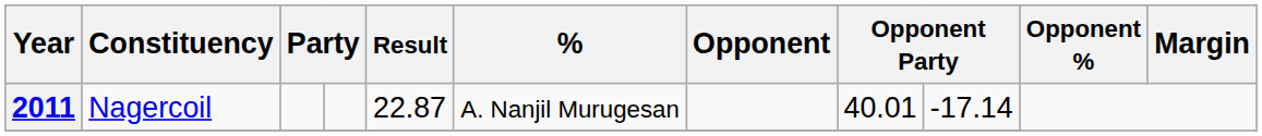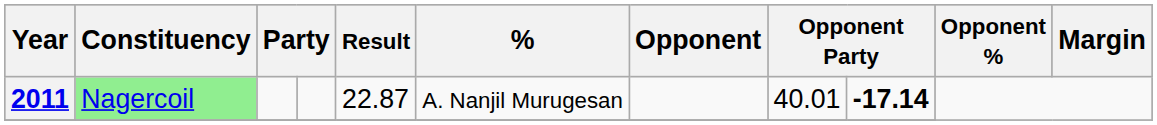 <table class="sortable wikitable">
 <tr>
 <th>Year</th>
 <th>Constituency</th>
 <th colspan="2">Party</th>
 <th><small>Result</small></th>
 <th>%</th>
 <th>Opponent</th>
 <th colspan="2"><small>Opponent<br>Party</small></th>
 <th><small>Opponent<br>%</small></th>
 <th>Margin</th>
 </tr>
 <tr>
 <th><a href='#'>2011</a></th>
-<td><a href='#'>Nagercoil</a></td>
+<td style="background: lightgreen;"><a href='#'>Nagercoil</a></td>
 <td></td>
 <td></td>
 <td>22.87</td>
 <td><small>A. Nanjil Murugesan</small></td>
 <td></td>
 <td>40.01</td>
-<td>-17.14</td>
+<td><strong>-17.14</strong></td>
 </tr>
 <tr>
 </tr>
 </table>
